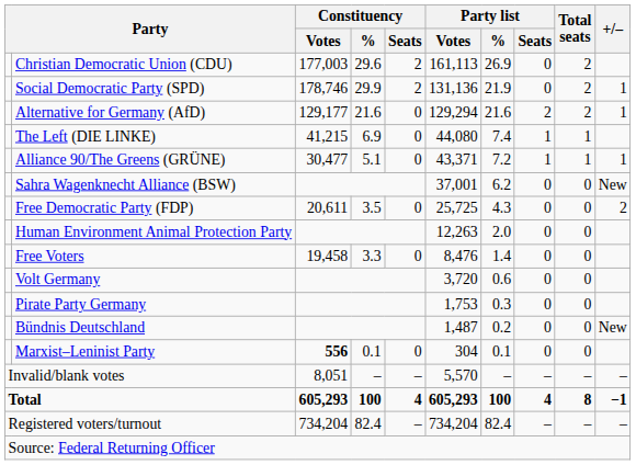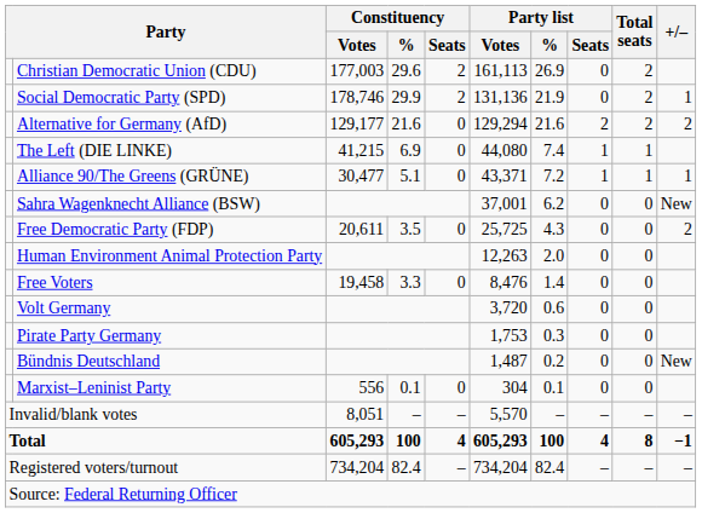 <table class="wikitable" style="text-align:right">
 <tr>
 <th colspan="2" rowspan="2">Party</th>
 <th colspan="3">Constituency</th>
 <th colspan="3">Party list</th>
 <th rowspan="2">Total<br>seats</th>
 <th rowspan="2">+/–</th>
 </tr>
 <tr>
 <th>Votes</th>
 <th>%</th>
 <th>Seats</th>
 <th>Votes</th>
 <th>%</th>
 <th>Seats</th>
 </tr>
 <tr>
 <td></td>
 <td align="left"><a href='#'>Christian Democratic Union</a> (CDU)</td>
 <td>177,003</td>
 <td>29.6</td>
 <td>2</td>
 <td>161,113</td>
 <td>26.9</td>
 <td>0</td>
 <td>2</td>
 <td></td>
 </tr>
 <tr>
 <td></td>
 <td align="left"><a href='#'>Social Democratic Party</a> (SPD)</td>
 <td>178,746</td>
 <td>29.9</td>
 <td>2</td>
 <td>131,136</td>
 <td>21.9</td>
 <td>0</td>
 <td>2</td>
 <td> 1</td>
 </tr>
 <tr>
 <td></td>
 <td align="left"><a href='#'>Alternative for Germany</a> (AfD)</td>
 <td>129,177</td>
 <td>21.6</td>
 <td>0</td>
 <td>129,294</td>
 <td>21.6</td>
 <td>2</td>
 <td>2</td>
-<td> 1</td>
+<td> 2</td>
 </tr>
 <tr>
 <td></td>
 <td align="left"><a href='#'>The Left</a> (DIE LINKE)</td>
 <td>41,215</td>
 <td>6.9</td>
 <td>0</td>
 <td>44,080</td>
 <td>7.4</td>
 <td>1</td>
 <td>1</td>
 <td></td>
 </tr>
 <tr>
 <td></td>
 <td align="left"><a href='#'>Alliance 90/The Greens</a> (GRÜNE)</td>
 <td>30,477</td>
 <td>5.1</td>
 <td>0</td>
 <td>43,371</td>
 <td>7.2</td>
 <td>1</td>
 <td>1</td>
 <td> 1</td>
 </tr>
 <tr>
 <td style="background-color:"></td>
 <td align="left"><a href='#'>Sahra Wagenknecht Alliance</a> (BSW)</td>
 <td colspan="3"></td>
 <td>37,001</td>
 <td>6.2</td>
 <td>0</td>
 <td>0</td>
 <td>New</td>
 </tr>
 <tr>
 <td></td>
 <td align="left"><a href='#'>Free Democratic Party</a> (FDP)</td>
 <td>20,611</td>
 <td>3.5</td>
 <td>0</td>
 <td>25,725</td>
 <td>4.3</td>
 <td>0</td>
 <td>0</td>
 <td> 2</td>
 </tr>
 <tr>
 <td style="background-color:"></td>
 <td align="left"><a href='#'>Human Environment Animal Protection Party</a></td>
 <td colspan="3"></td>
 <td>12,263</td>
 <td>2.0</td>
 <td>0</td>
 <td>0</td>
 <td></td>
 </tr>
 <tr>
 <td style="background-color:"></td>
 <td align="left"><a href='#'>Free Voters</a></td>
 <td>19,458</td>
 <td>3.3</td>
 <td>0</td>
 <td>8,476</td>
 <td>1.4</td>
 <td>0</td>
 <td>0</td>
 <td></td>
 </tr>
 <tr>
 <td style="background-color:"></td>
 <td align="left"><a href='#'>Volt Germany</a></td>
 <td colspan="3"></td>
 <td>3,720</td>
 <td>0.6</td>
 <td>0</td>
 <td>0</td>
 <td></td>
 </tr>
 <tr>
 <td style="background-color:"></td>
 <td align="left"><a href='#'>Pirate Party Germany</a></td>
 <td colspan="3"></td>
 <td>1,753</td>
 <td>0.3</td>
 <td>0</td>
 <td>0</td>
 <td></td>
 </tr>
 <tr>
 <td style="background-color:"></td>
 <td align="left"><a href='#'>Bündnis Deutschland</a></td>
 <td colspan="3"></td>
 <td>1,487</td>
 <td>0.2</td>
 <td>0</td>
 <td>0</td>
 <td>New</td>
 </tr>
 <tr>
 <td style="background-color:"></td>
 <td align="left"><a href='#'>Marxist–Leninist Party</a></td>
-<td><strong>556</strong></td>
+<td>556</td>
 <td>0.1</td>
 <td>0</td>
 <td>304</td>
 <td>0.1</td>
 <td>0</td>
 <td>0</td>
 <td></td>
 </tr>
 <tr>
 <td colspan="2" align="left">Invalid/blank votes</td>
 <td>8,051</td>
 <td>–</td>
 <td>–</td>
 <td>5,570</td>
 <td>–</td>
 <td>–</td>
 <td>–</td>
 <td>–</td>
 </tr>
 <tr>
 <td colspan="2" align="left"><strong>Total</strong></td>
 <td><strong>605,293</strong></td>
 <td><strong>100</strong></td>
 <td><strong>4</strong></td>
 <td><strong>605,293</strong></td>
 <td><strong>100</strong></td>
 <td><strong>4</strong></td>
 <td><strong>8</strong></td>
 <td><strong>−1</strong></td>
 </tr>
 <tr>
 <td colspan="2" align="left">Registered voters/turnout</td>
 <td>734,204</td>
 <td>82.4</td>
 <td>–</td>
 <td>734,204</td>
 <td>82.4</td>
 <td>–</td>
 <td>–</td>
 <td>–</td>
 </tr>
 <tr>
 <td colspan="10" align="left">Source: <a href='#'>Federal Returning Officer</a></td>
 </tr>
 </table>
